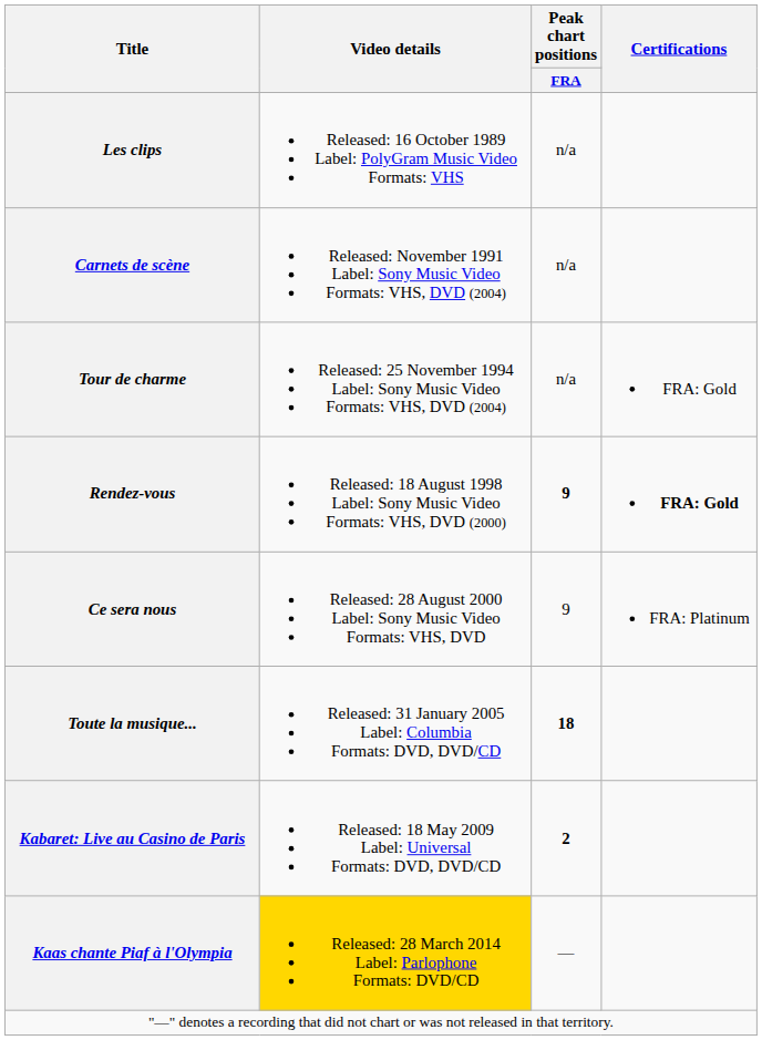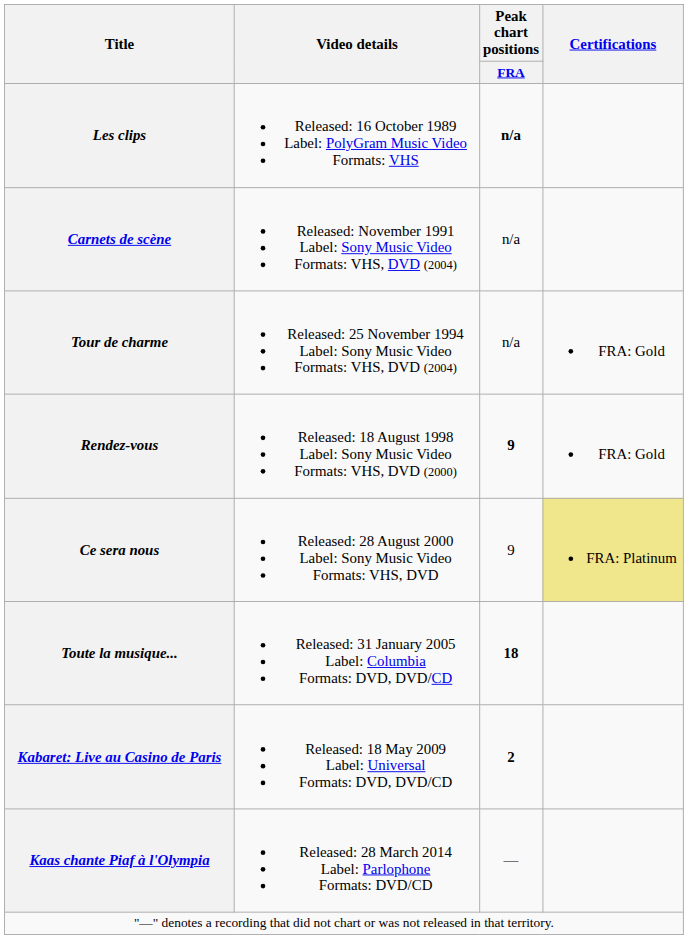 <table class="wikitable plainrowheaders" style="text-align:center;">
 <tr>
 <th scope="col" rowspan="2" style="width:15em;">Title</th>
 <th scope="col" rowspan="2" style="width:16em;">Video details</th>
 <th scope="col" colspan="1">Peak<br> chart<br> positions</th>
 <th scope="col" rowspan="2" style="width:9em;"><a href='#'>Certifications</a></th>
 </tr>
 <tr>
 <th scope="col" style="width:2.5em;font-size:90%;"><a href='#'>FRA</a></th>
 </tr>
 <tr>
 <th scope="row"><em>Les clips</em></th>
 <td><br><ul><li>Released: 16 October 1989</li><li>Label: <a href='#'>PolyGram Music Video</a></li><li>Formats: <a href='#'>VHS</a></li></ul></td>
-<td>n/a</td>
+<td><strong>n/a</strong></td>
 <td></td>
 </tr>
 <tr>
 <th scope="row"><em><a href='#'>Carnets de scène</a></em></th>
 <td><br><ul><li>Released: November 1991</li><li>Label: <a href='#'>Sony Music Video</a></li><li>Formats: VHS, <a href='#'>DVD</a> <small>(2004)</small></li></ul></td>
 <td>n/a</td>
 <td></td>
 </tr>
 <tr>
 <th scope="row"><em>Tour de charme</em></th>
 <td><br><ul><li>Released: 25 November 1994</li><li>Label: Sony Music Video</li><li>Formats: VHS, DVD <small>(2004)</small></li></ul></td>
 <td>n/a</td>
 <td><br><ul><li>FRA: Gold</li></ul></td>
 </tr>
 <tr>
 <th scope="row"><em>Rendez-vous</em></th>
 <td><br><ul><li>Released: 18 August 1998</li><li>Label: Sony Music Video</li><li>Formats: VHS, DVD <small>(2000)</small></li></ul></td>
 <td><strong>9</strong></td>
-<td><strong><br><ul><li>FRA: Gold</li></ul></strong></td>
+<td><br><ul><li>FRA: Gold</li></ul></td>
 </tr>
 <tr>
 <th scope="row"><em>Ce sera nous</em></th>
 <td><br><ul><li>Released: 28 August 2000</li><li>Label: Sony Music Video</li><li>Formats: VHS, DVD</li></ul></td>
 <td>9</td>
-<td><br><ul><li>FRA: Platinum</li></ul></td>
+<td style="background: khaki;"><br><ul><li>FRA: Platinum</li></ul></td>
 </tr>
 <tr>
 <th scope="row"><em>Toute la musique...</em></th>
 <td><br><ul><li>Released: 31 January 2005</li><li>Label: <a href='#'>Columbia</a></li><li>Formats: DVD, DVD/<a href='#'>CD</a></li></ul></td>
 <td><strong>18</strong></td>
 <td></td>
 </tr>
 <tr>
 <th scope="row"><em><a href='#'>Kabaret: Live au Casino de Paris</a></em></th>
 <td><br><ul><li>Released: 18 May 2009</li><li>Label: <a href='#'>Universal</a></li><li>Formats: DVD, DVD/CD</li></ul></td>
 <td><strong>2</strong></td>
 <td></td>
 </tr>
 <tr>
 <th scope="row"><em><a href='#'>Kaas chante Piaf à l'Olympia</a></em></th>
-<td style="background: gold;"><br><ul><li>Released: 28 March 2014</li><li>Label: <a href='#'>Parlophone</a></li><li>Formats: DVD/CD</li></ul></td>
+<td><br><ul><li>Released: 28 March 2014</li><li>Label: <a href='#'>Parlophone</a></li><li>Formats: DVD/CD</li></ul></td>
 <td>—</td>
 <td></td>
 </tr>
 <tr>
 <td colspan="8" style="font-size:90%">"—" denotes a recording that did not chart or was not released in that territory.</td>
 </tr>
 </table>
